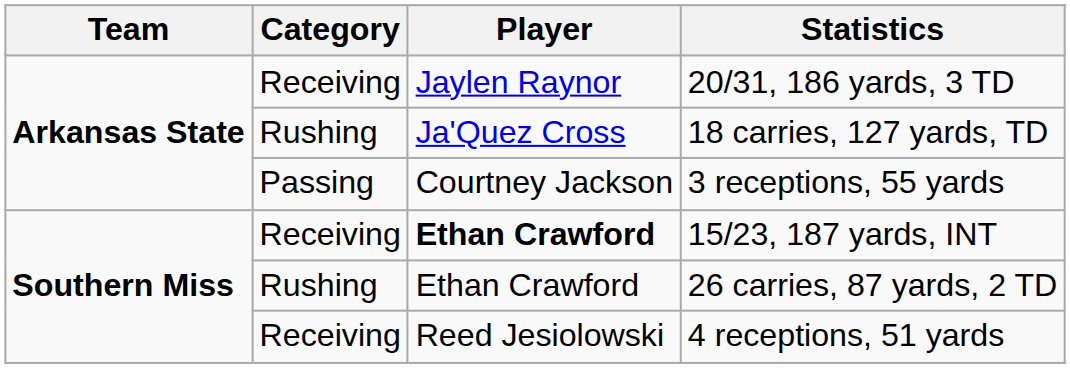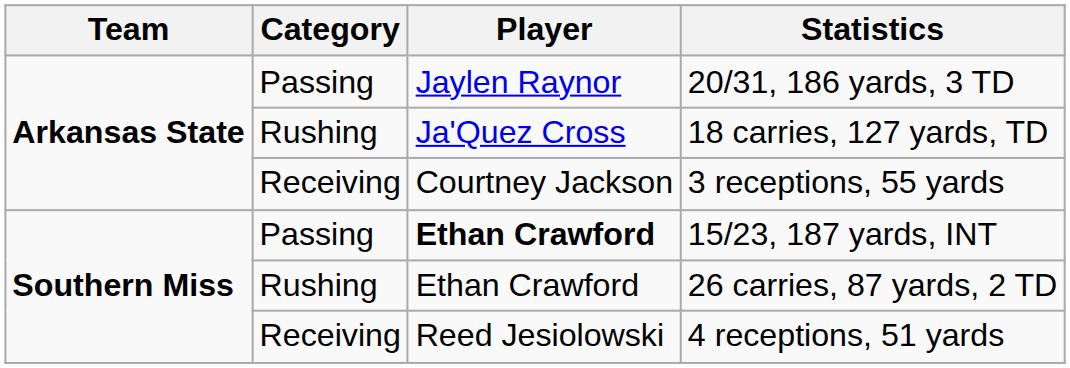 <table class="wikitable" style="float: right;">
 <tr>
 <th>Team</th>
 <th>Category</th>
 <th>Player</th>
 <th>Statistics</th>
 </tr>
 <tr>
 <td rowspan=3><strong>Arkansas State</strong></td>
-<td>Receiving</td>
+<td>Passing</td>
 <td><a href='#'>Jaylen Raynor</a></td>
 <td>20/31, 186 yards, 3 TD</td>
 </tr>
 <tr>
 <td>Rushing</td>
 <td><a href='#'>Ja'Quez Cross</a></td>
 <td>18 carries, 127 yards, TD</td>
 </tr>
 <tr>
-<td>Passing</td>
+<td>Receiving</td>
 <td>Courtney Jackson</td>
 <td>3 receptions, 55 yards</td>
 </tr>
 <tr>
 <td rowspan=3><strong>Southern Miss</strong></td>
-<td>Receiving</td>
+<td>Passing</td>
 <td><strong>Ethan Crawford</strong></td>
 <td>15/23, 187 yards, INT</td>
 </tr>
 <tr>
 <td>Rushing</td>
 <td>Ethan Crawford</td>
 <td>26 carries, 87 yards, 2 TD</td>
 </tr>
 <tr>
 <td>Receiving</td>
 <td>Reed Jesiolowski</td>
 <td>4 receptions, 51 yards</td>
 </tr>
 </table>
